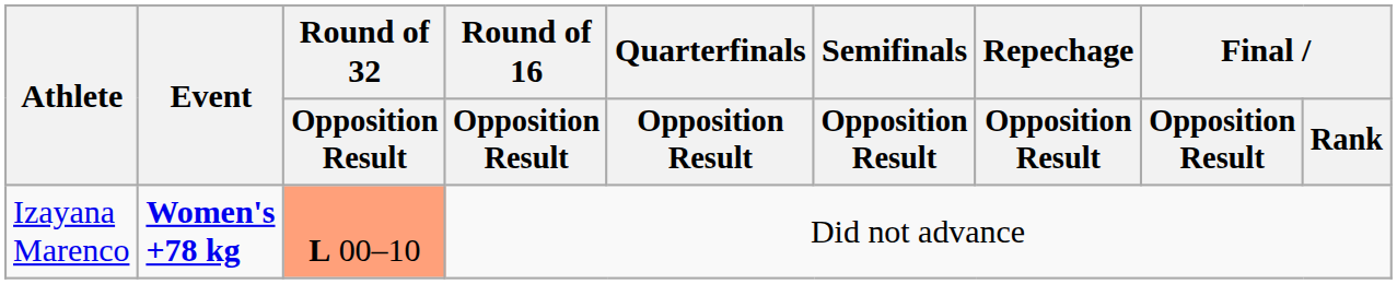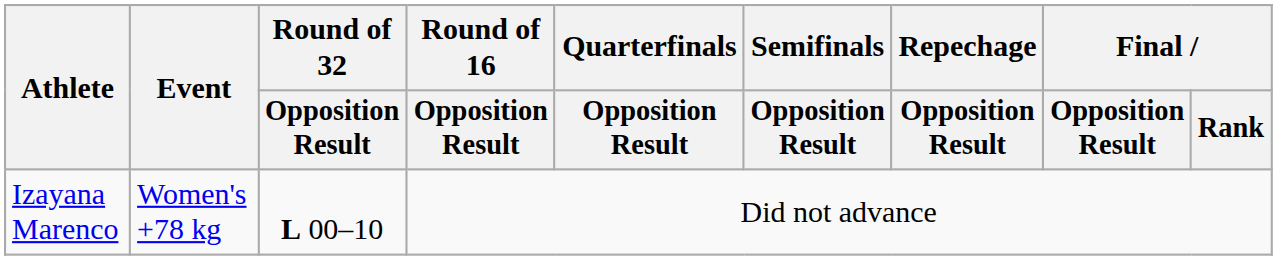 <table class="wikitable" style="font-size:90%">
 <tr>
 <th rowspan="2">Athlete</th>
 <th rowspan="2">Event</th>
 <th>Round of 32</th>
 <th>Round of 16</th>
 <th>Quarterfinals</th>
 <th>Semifinals</th>
 <th>Repechage</th>
 <th colspan=2>Final / </th>
 </tr>
 <tr style="font-size:95%">
 <th>Opposition<br>Result</th>
 <th>Opposition<br>Result</th>
 <th>Opposition<br>Result</th>
 <th>Opposition<br>Result</th>
 <th>Opposition<br>Result</th>
 <th>Opposition<br>Result</th>
 <th>Rank</th>
 </tr>
 <tr align=center>
 <td align=left><a href='#'>Izayana Marenco</a></td>
-<td align=left><strong><a href='#'>Women's +78 kg</a></strong></td>
-<td style="background: lightsalmon;"><br><strong>L</strong> 00–10</td>
+<td align=left><a href='#'>Women's +78 kg</a></td>
+<td><br><strong>L</strong> 00–10</td>
 <td colspan="6">Did not advance</td>
 </tr>
 </table>
